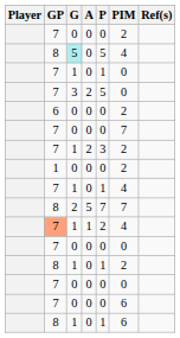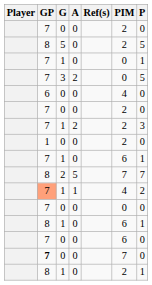 <table class="wikitable sortable plainrowheaders" style="text-align:center;">
 <tr>
 <th scope="col">Player</th>
 <th scope="col">GP</th>
 <th scope="col">G</th>
 <th scope="col">A</th>
+<th scope="col" class="unsortable">Ref(s)</th>
+<th scope="col">PIM</th>
 <th scope="col">P</th>
-<th scope="col">PIM</th>
-<th scope="col" class="unsortable">Ref(s)</th>
 </tr>
 <tr>
 <th scope="row"></th>
 <td>7</td>
 <td>0</td>
 <td>0</td>
+<td align=center></td>
+<td>2</td>
 <td>0</td>
-<td>2</td>
-<td align=center></td>
 </tr>
 <tr>
 <th scope="row"></th>
 <td>8</td>
-<td style="background: paleturquoise;">5</td>
+<td>5</td>
 <td>0</td>
+<td align=center></td>
+<td>2</td>
 <td>5</td>
-<td>4</td>
-<td align=center></td>
 </tr>
 <tr>
 <th scope="row"></th>
 <td>7</td>
 <td>1</td>
 <td>0</td>
+<td align=center></td>
+<td>0</td>
 <td>1</td>
-<td>0</td>
-<td align=center></td>
 </tr>
 <tr>
 <th scope="row"></th>
 <td>7</td>
 <td>3</td>
 <td>2</td>
+<td align=center></td>
+<td>0</td>
 <td>5</td>
-<td>0</td>
-<td align=center></td>
 </tr>
 <tr>
 <th scope="row"></th>
 <td>6</td>
 <td>0</td>
 <td>0</td>
+<td align=center></td>
+<td>4</td>
 <td>0</td>
-<td>2</td>
-<td align=center></td>
 </tr>
 <tr>
 <th scope="row"></th>
 <td>7</td>
 <td>0</td>
 <td>0</td>
+<td align=center></td>
+<td>2</td>
 <td>0</td>
-<td>7</td>
-<td align=center></td>
 </tr>
 <tr>
 <th scope="row"></th>
 <td>7</td>
 <td>1</td>
 <td>2</td>
+<td align=center></td>
+<td>2</td>
 <td>3</td>
-<td>2</td>
-<td align=center></td>
 </tr>
 <tr>
 <th scope="row"></th>
 <td>1</td>
 <td>0</td>
 <td>0</td>
+<td align=center></td>
+<td>2</td>
 <td>0</td>
-<td>2</td>
-<td align=center></td>
 </tr>
 <tr>
 <th scope="row"></th>
 <td>7</td>
 <td>1</td>
 <td>0</td>
+<td align=center></td>
+<td>6</td>
 <td>1</td>
-<td>4</td>
-<td align=center></td>
 </tr>
 <tr>
 <th scope="row"></th>
 <td>8</td>
 <td>2</td>
 <td>5</td>
+<td align=center></td>
 <td>7</td>
 <td>7</td>
-<td align=center></td>
 </tr>
 <tr>
 <th scope="row"></th>
 <td style="background: lightsalmon;">7</td>
 <td>1</td>
 <td>1</td>
+<td align=center></td>
+<td>4</td>
 <td>2</td>
-<td>4</td>
-<td align=center></td>
 </tr>
 <tr>
 <th scope="row"></th>
 <td>7</td>
 <td>0</td>
 <td>0</td>
+<td align=center></td>
 <td>0</td>
 <td>0</td>
-<td align=center></td>
 </tr>
 <tr>
 <th scope="row"></th>
 <td>8</td>
 <td>1</td>
 <td>0</td>
+<td align=center></td>
+<td>6</td>
 <td>1</td>
-<td>2</td>
-<td align=center></td>
 </tr>
 <tr>
 <th scope="row"></th>
 <td>7</td>
 <td>0</td>
 <td>0</td>
+<td align=center></td>
+<td>6</td>
+<td>0</td>
+</tr>
+<tr>
+<th scope="row"></th>
+<td><strong>7</strong></td>
 <td>0</td>
 <td>0</td>
 <td align=center></td>
-</tr>
-<tr>
-<th scope="row"></th>
 <td>7</td>
 <td>0</td>
-<td>0</td>
-<td>0</td>
-<td>6</td>
-<td align=center></td>
 </tr>
 <tr>
 <th scope="row"></th>
 <td>8</td>
 <td>1</td>
 <td>0</td>
+<td align=center></td>
+<td>2</td>
 <td>1</td>
-<td>6</td>
-<td align=center></td>
 </tr>
 </table>
